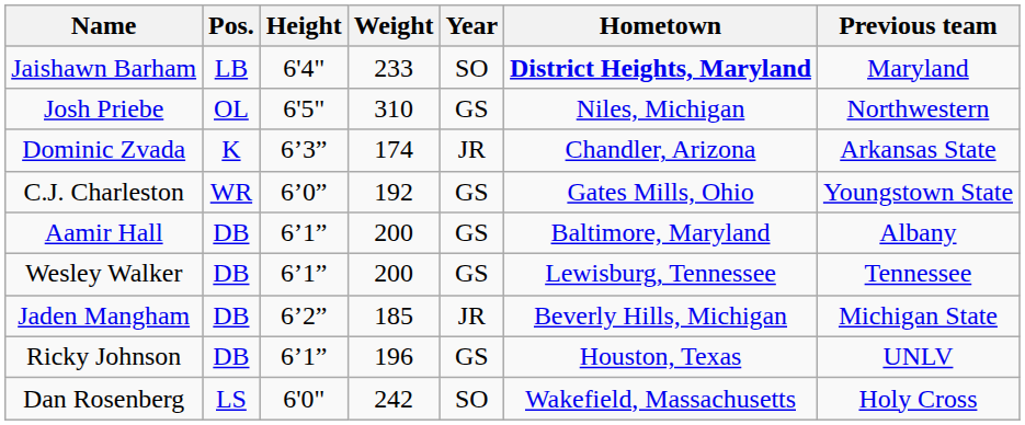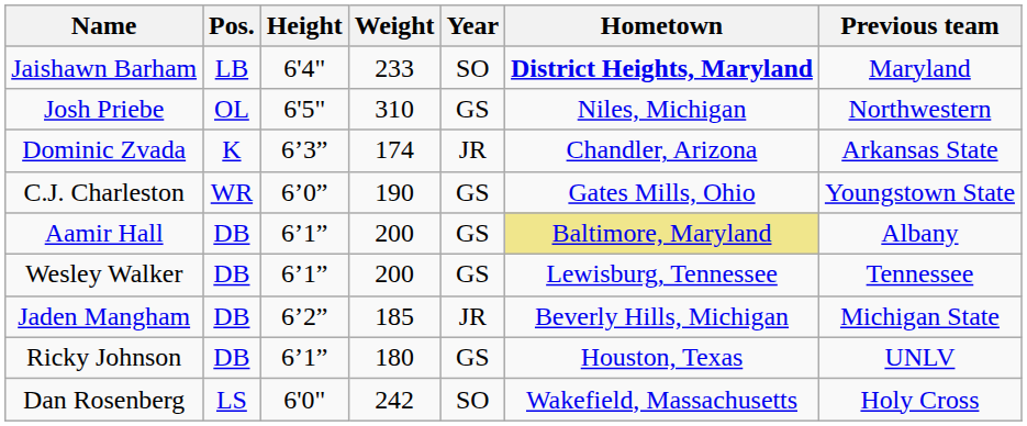 <table class="wikitable sortable sortable" style="text-align: center">
 <tr align=center>
 <th>Name</th>
 <th>Pos.</th>
 <th>Height</th>
 <th>Weight</th>
 <th>Year</th>
 <th>Hometown</th>
 <th>Previous team</th>
 </tr>
 <tr>
 <td><a href='#'>Jaishawn Barham</a></td>
 <td><a href='#'>LB</a></td>
 <td>6'4"</td>
 <td>233</td>
 <td>SO</td>
 <td><strong><a href='#'>District Heights, Maryland</a></strong></td>
 <td><a href='#'>Maryland</a></td>
 </tr>
 <tr>
 <td><a href='#'>Josh Priebe</a></td>
 <td><a href='#'>OL</a></td>
 <td>6'5"</td>
 <td>310</td>
 <td>GS</td>
 <td><a href='#'>Niles, Michigan</a></td>
 <td><a href='#'>Northwestern</a></td>
 </tr>
 <tr>
 <td><a href='#'>Dominic Zvada</a></td>
 <td><a href='#'>K</a></td>
 <td>6’3”</td>
 <td>174</td>
 <td>JR</td>
 <td><a href='#'>Chandler, Arizona</a></td>
 <td><a href='#'>Arkansas State</a></td>
 </tr>
 <tr>
 <td>C.J. Charleston</td>
 <td><a href='#'>WR</a></td>
 <td>6’0”</td>
-<td>192</td>
+<td>190</td>
 <td>GS</td>
 <td><a href='#'>Gates Mills, Ohio</a></td>
 <td><a href='#'> Youngstown State</a></td>
 </tr>
 <tr>
 <td><a href='#'>Aamir Hall</a></td>
 <td><a href='#'>DB</a></td>
 <td>6’1”</td>
 <td>200</td>
 <td>GS</td>
-<td><a href='#'>Baltimore, Maryland</a></td>
+<td style="background: khaki;"><a href='#'>Baltimore, Maryland</a></td>
 <td><a href='#'>Albany</a></td>
 </tr>
 <tr>
 <td>Wesley Walker</td>
 <td><a href='#'>DB</a></td>
 <td>6’1”</td>
 <td>200</td>
 <td>GS</td>
 <td><a href='#'>Lewisburg, Tennessee</a></td>
 <td><a href='#'>Tennessee</a></td>
 </tr>
 <tr>
 <td><a href='#'>Jaden Mangham</a></td>
 <td><a href='#'>DB</a></td>
 <td>6’2”</td>
 <td>185</td>
 <td>JR</td>
 <td><a href='#'>Beverly Hills, Michigan</a></td>
 <td><a href='#'>Michigan State</a></td>
 </tr>
 <tr>
 <td>Ricky Johnson</td>
 <td><a href='#'>DB</a></td>
 <td>6’1”</td>
-<td>196</td>
+<td>180</td>
 <td>GS</td>
 <td><a href='#'>Houston, Texas</a></td>
 <td><a href='#'>UNLV</a></td>
 </tr>
 <tr>
 <td>Dan Rosenberg</td>
 <td><a href='#'>LS</a></td>
 <td>6'0"</td>
 <td>242</td>
 <td>SO</td>
 <td><a href='#'>Wakefield, Massachusetts</a></td>
 <td><a href='#'>Holy Cross</a></td>
 </tr>
 </table>
